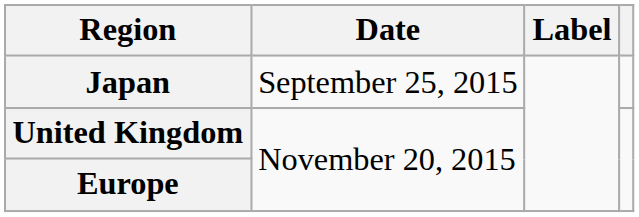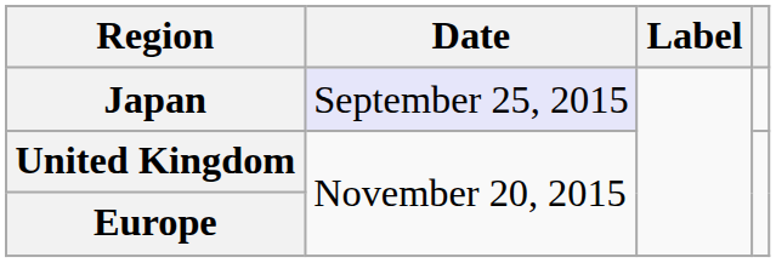 <table class="wikitable plainrowheaders">
 <tr>
 <th scope="col">Region</th>
 <th scope="col">Date</th>
 <th scope="col">Label</th>
 <th scope="col"></th>
 </tr>
 <tr>
 <th scope="row">Japan</th>
-<td>September 25, 2015</td>
+<td style="background: lavender;">September 25, 2015</td>
 <td rowspan="3"></td>
 <td></td>
 </tr>
 <tr>
 <th scope="row">United Kingdom</th>
 <td rowspan="2">November 20, 2015</td>
 <td rowspan="2"></td>
 </tr>
 <tr>
 <th scope="row">Europe</th>
 </tr>
 </table>
